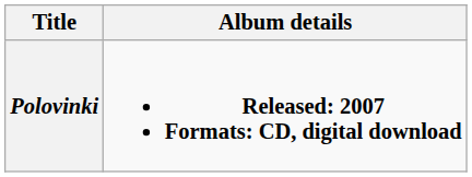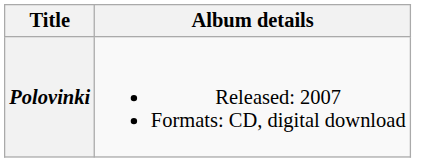 <table class="wikitable plainrowheaders" style="text-align:center;">
 <tr>
 <th scope="col">Title</th>
 <th scope="col">Album details</th>
 </tr>
 <tr>
 <th scope="row"><em>Polovinki</em></th>
-<td><strong><br><ul><li>Released: 2007</li><li>Formats: CD, digital download</li></ul></strong></td>
+<td><br><ul><li>Released: 2007</li><li>Formats: CD, digital download</li></ul></td>
 </tr>
 </table>
